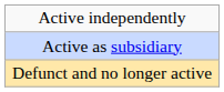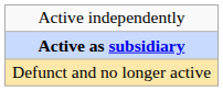 <table class="wikitable" style="width:200px;">
 <tr style="text-align:center;">
 <td>Active independently</td>
 </tr>
 <tr style="background:#c9daff; text-align:center;">
-<td>Active as <a href='#'>subsidiary</a></td>
+<td><strong>Active as <a href='#'>subsidiary</a></strong></td>
 </tr>
 <tr style="background:#ffe8a9; text-align:center;">
 <td>Defunct and no longer active</td>
 </tr>
 </table>
